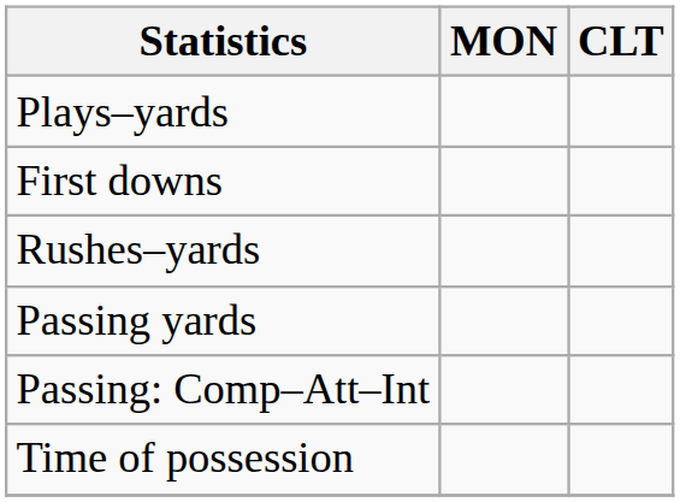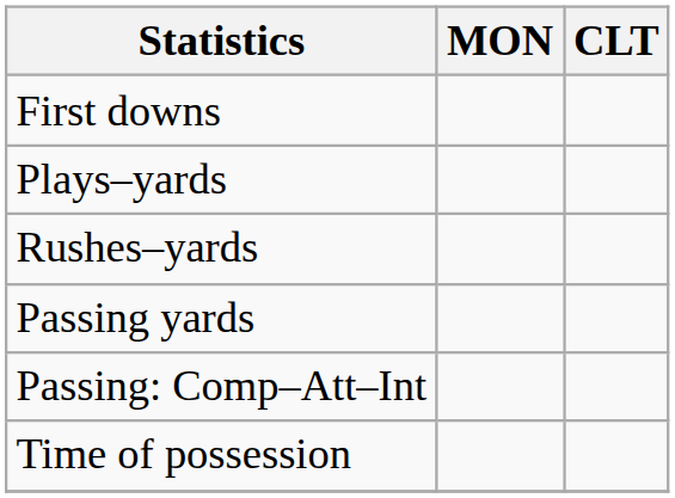 <table class="wikitable" style="float: left;">
 <tr>
 <th>Statistics</th>
 <th>MON</th>
 <th>CLT</th>
 </tr>
 <tr>
-<td>Plays–yards</td>
+<td>First downs</td>
 <td></td>
 <td></td>
 </tr>
 <tr>
-<td>First downs</td>
+<td>Plays–yards</td>
 <td></td>
 <td></td>
 </tr>
 <tr>
 <td>Rushes–yards</td>
 <td></td>
 <td></td>
 </tr>
 <tr>
 <td>Passing yards</td>
 <td></td>
 <td></td>
 </tr>
 <tr>
 <td>Passing: Comp–Att–Int</td>
 <td></td>
 <td></td>
 </tr>
 <tr>
 <td>Time of possession</td>
 <td></td>
 <td></td>
 </tr>
 <tr>
 </tr>
 </table>
